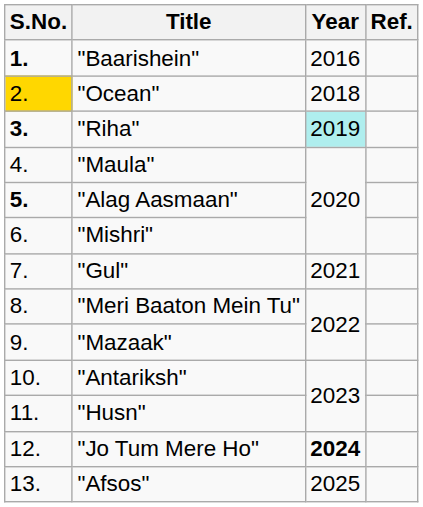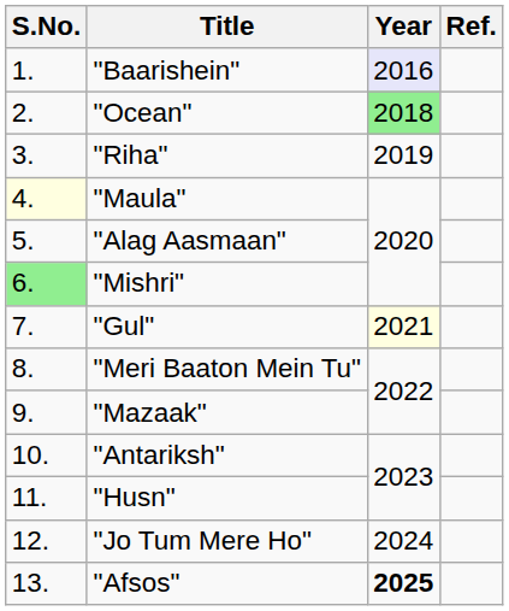 <table class="wikitable sortable">
 <tr>
 <th>S.No.</th>
 <th>Title</th>
 <th>Year</th>
 <th>Ref.</th>
 </tr>
 <tr>
-<td><strong>1.</strong></td>
+<td>1.</td>
 <td>"Baarishein"</td>
-<td>2016</td>
+<td style="background: lavender;">2016</td>
 <td></td>
 </tr>
 <tr>
-<td style="background: gold;">2.</td>
+<td>2.</td>
 <td>"Ocean"</td>
-<td>2018</td>
+<td style="background: lightgreen;">2018</td>
 <td></td>
 </tr>
 <tr>
-<td><strong>3.</strong></td>
+<td>3.</td>
 <td>"Riha"</td>
-<td style="background: paleturquoise;">2019</td>
+<td>2019</td>
 <td></td>
 </tr>
 <tr>
-<td>4.</td>
+<td style="background: lightyellow;">4.</td>
 <td>"Maula"</td>
 <td rowspan="3">2020</td>
 <td></td>
 </tr>
 <tr>
-<td><strong>5.</strong></td>
+<td>5.</td>
 <td>"Alag Aasmaan"</td>
 <td></td>
 </tr>
 <tr>
-<td>6.</td>
+<td style="background: lightgreen;">6.</td>
 <td>"Mishri"</td>
 <td></td>
 </tr>
 <tr>
 <td>7.</td>
 <td>"Gul"</td>
-<td>2021</td>
+<td style="background: lightyellow;">2021</td>
 <td></td>
 </tr>
 <tr>
 <td>8.</td>
 <td>"Meri Baaton Mein Tu"</td>
 <td rowspan="2">2022</td>
 <td></td>
 </tr>
 <tr>
 <td>9.</td>
 <td>"Mazaak"</td>
 <td></td>
 </tr>
 <tr>
 <td>10.</td>
 <td>"Antariksh"</td>
 <td rowspan="2">2023</td>
 <td></td>
 </tr>
 <tr>
 <td>11.</td>
 <td>"Husn"</td>
 <td></td>
 </tr>
 <tr>
 <td>12.</td>
 <td>"Jo Tum Mere Ho"</td>
-<td><strong>2024</strong></td>
+<td>2024</td>
 <td></td>
 </tr>
 <tr>
 <td>13.</td>
 <td>"Afsos"</td>
-<td>2025</td>
+<td><strong>2025</strong></td>
 <td></td>
 </tr>
 </table>
